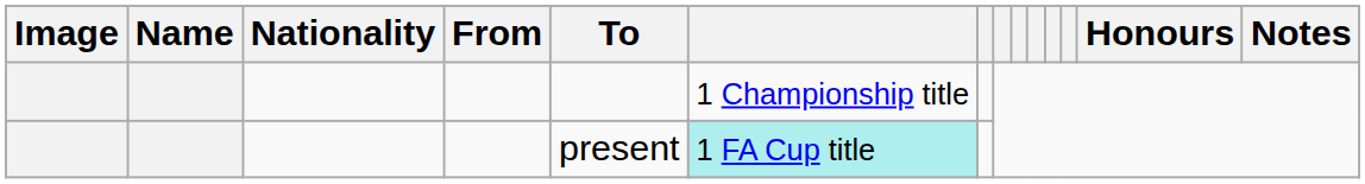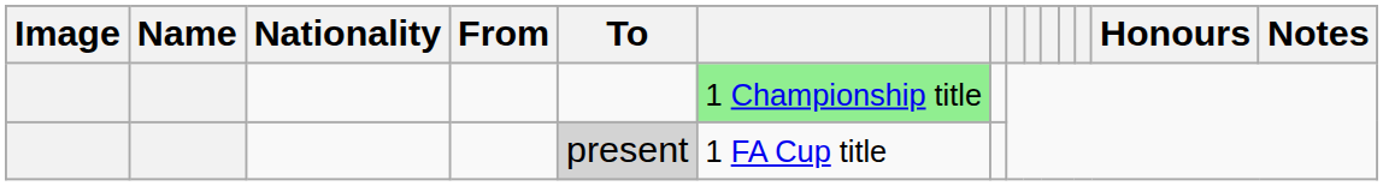 <table class="wikitable plainrowheaders sortable">
 <tr>
 <th scope="col">Image</th>
 <th scope="col">Name</th>
 <th scope="col">Nationality</th>
 <th scope="col">From</th>
 <th scope="col">To</th>
 <th scope="col"></th>
 <th scope="col"></th>
 <th scope="col"></th>
 <th scope="col"></th>
 <th scope="col"></th>
 <th scope="col"></th>
 <th scope="col"></th>
 <th scope="col">Honours</th>
 <th scope="col" class="unsortable">Notes</th>
 </tr>
 <tr>
 <th></th>
 <th scope="row"></th>
 <td></td>
 <td></td>
 <td><br></td>
-<td><small>1 <a href='#'>Championship</a> title</small></td>
+<td style="background: lightgreen;"><small>1 <a href='#'>Championship</a> title</small></td>
 <td></td>
 </tr>
 <tr>
 <th></th>
 <th scope="row"></th>
 <td></td>
 <td></td>
-<td>present<br></td>
-<td style="background: paleturquoise;"><small>1 <a href='#'>FA Cup</a> title</small></td>
+<td style="background: lightgrey;">present<br></td>
+<td><small>1 <a href='#'>FA Cup</a> title</small></td>
 <td></td>
 </tr>
 </table>
